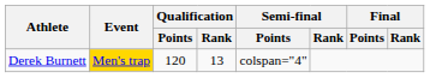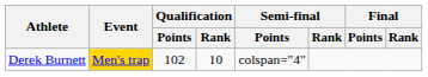 <table class="wikitable" style="font-size:90%;">
 <tr>
 <th rowspan=2>Athlete</th>
 <th rowspan=2>Event</th>
 <th colspan=2>Qualification</th>
 <th colspan=2>Semi-final</th>
 <th colspan=2>Final</th>
 </tr>
 <tr style="font-size:95%">
 <th>Points</th>
 <th>Rank</th>
 <th>Points</th>
 <th>Rank</th>
 <th>Points</th>
 <th>Rank</th>
 </tr>
 <tr align=center>
 <td align=left><a href='#'>Derek Burnett</a></td>
 <td align=left style="background: gold;"><a href='#'>Men's trap</a></td>
-<td>120</td>
-<td>13</td>
+<td>102</td>
+<td>10</td>
 <td>colspan="4" </td>
 </tr>
 </table>
